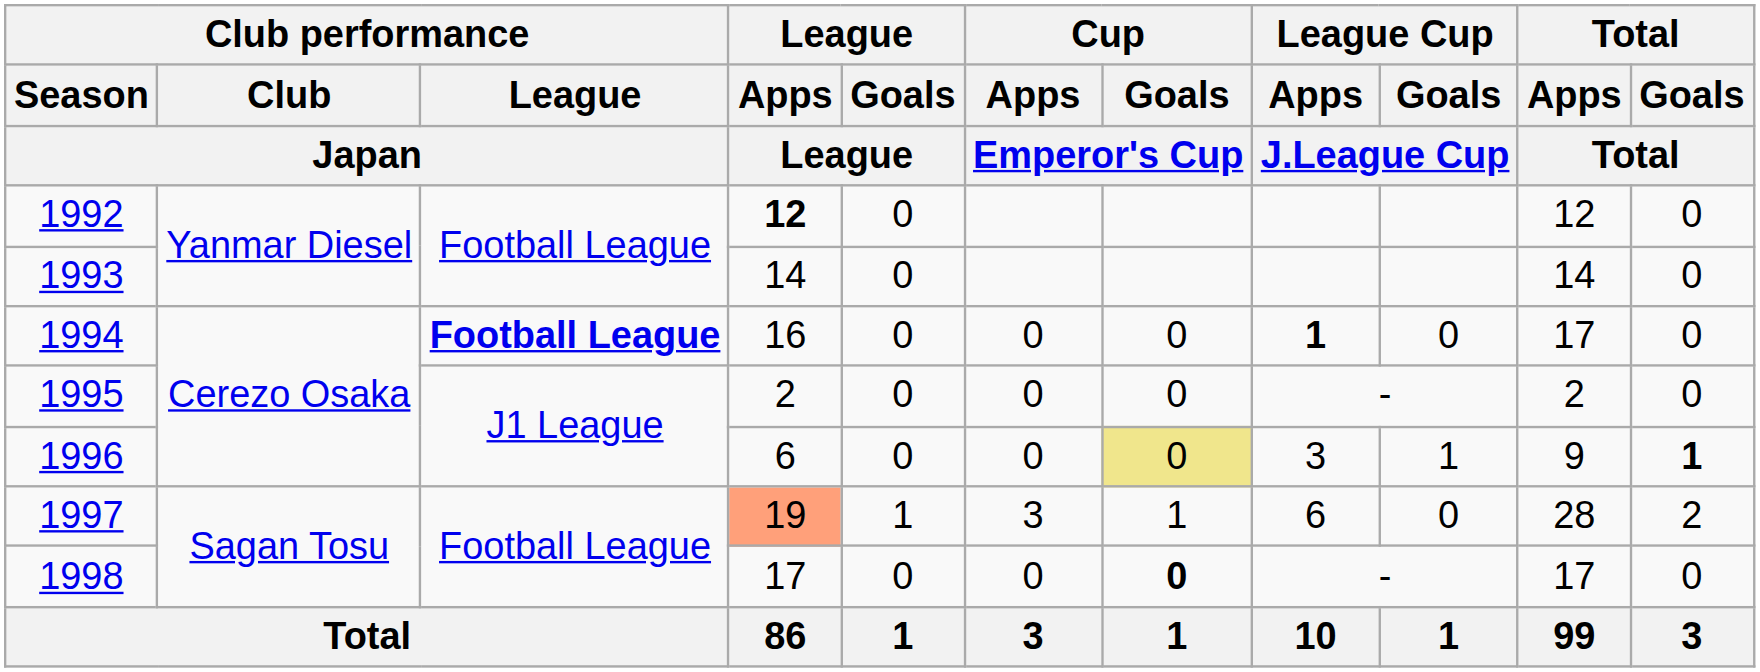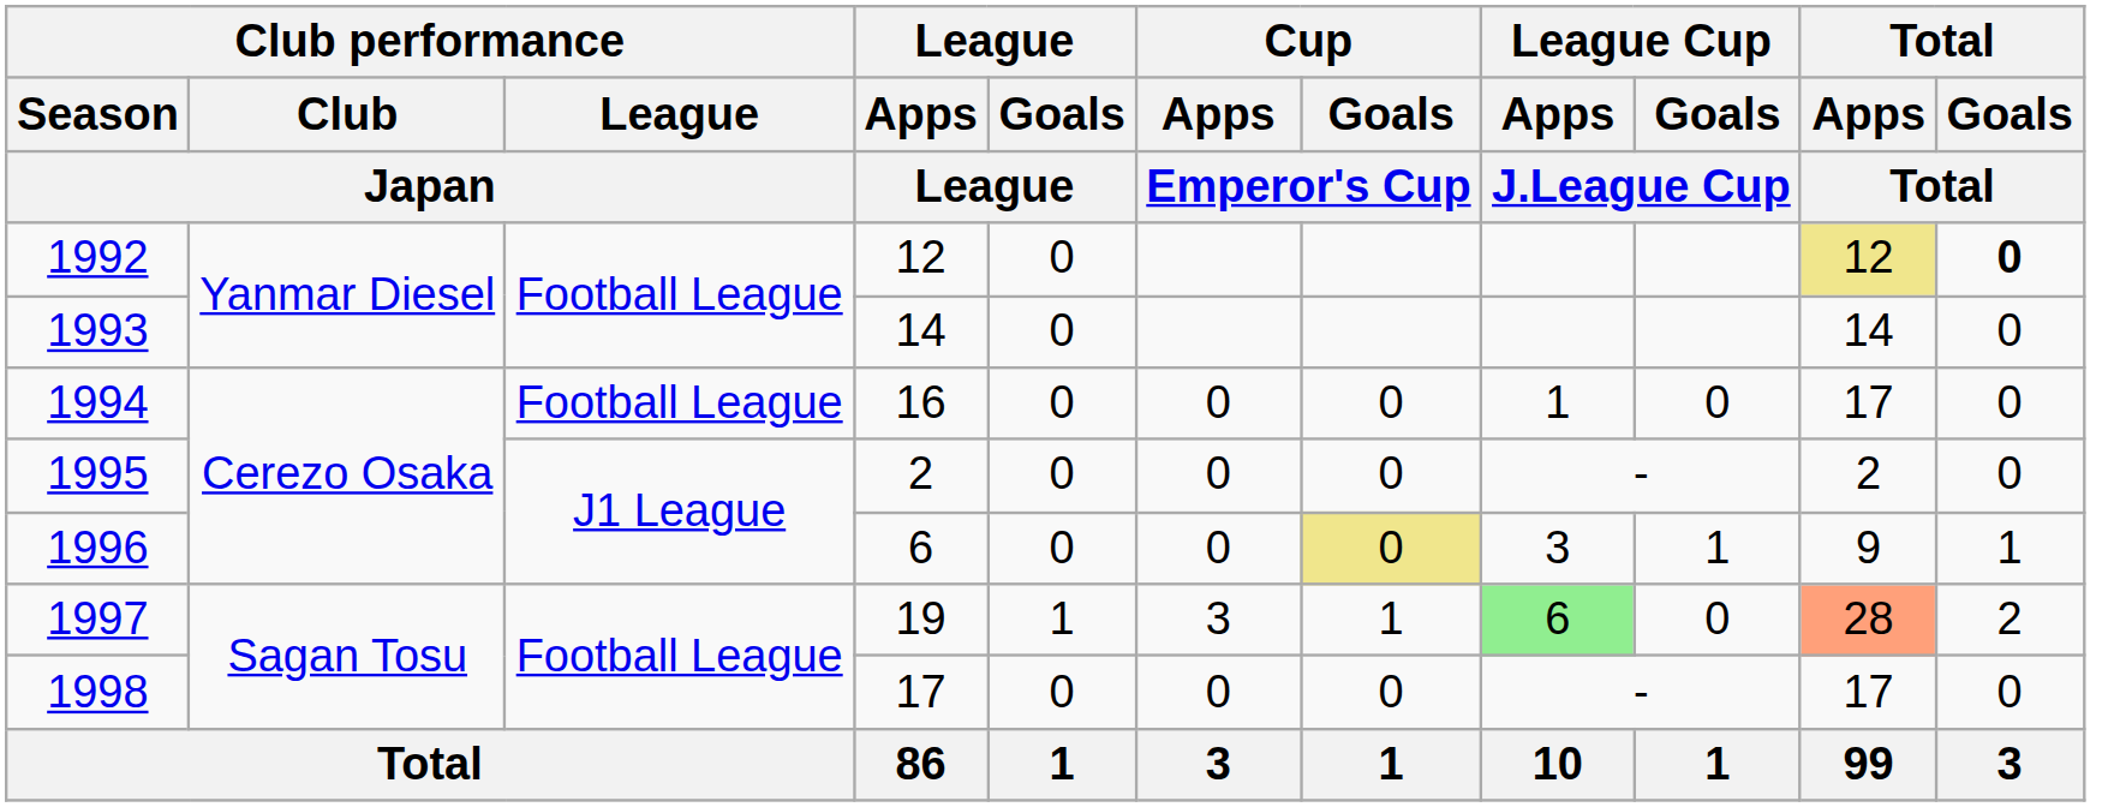 <table class="wikitable" style="text-align:center;">
 <tr>
 <th colspan=3>Club performance</th>
 <th colspan=2>League</th>
 <th colspan=2>Cup</th>
 <th colspan=2>League Cup</th>
 <th colspan=2>Total</th>
 </tr>
 <tr>
 <th>Season</th>
 <th>Club</th>
 <th>League</th>
 <th>Apps</th>
 <th>Goals</th>
 <th>Apps</th>
 <th>Goals</th>
 <th>Apps</th>
 <th>Goals</th>
 <th>Apps</th>
 <th>Goals</th>
 </tr>
 <tr>
 <th colspan=3>Japan</th>
 <th colspan=2>League</th>
 <th colspan=2><a href='#'>Emperor's Cup</a></th>
 <th colspan=2><a href='#'>J.League Cup</a></th>
 <th colspan=2>Total</th>
 </tr>
 <tr>
 <td><a href='#'>1992</a></td>
 <td rowspan="2"><a href='#'>Yanmar Diesel</a></td>
 <td rowspan="2"><a href='#'>Football League</a></td>
-<td><strong>12</strong></td>
+<td>12</td>
 <td>0</td>
 <td></td>
 <td></td>
 <td></td>
 <td></td>
-<td>12</td>
-<td>0</td>
+<td style="background: khaki;">12</td>
+<td><strong>0</strong></td>
 </tr>
 <tr>
 <td><a href='#'>1993</a></td>
 <td>14</td>
 <td>0</td>
 <td></td>
 <td></td>
 <td></td>
 <td></td>
 <td>14</td>
 <td>0</td>
 </tr>
 <tr>
 <td><a href='#'>1994</a></td>
 <td rowspan="3"><a href='#'>Cerezo Osaka</a></td>
-<td><strong><a href='#'>Football League</a></strong></td>
+<td><a href='#'>Football League</a></td>
 <td>16</td>
 <td>0</td>
 <td>0</td>
 <td>0</td>
-<td><strong>1</strong></td>
+<td>1</td>
 <td>0</td>
 <td>17</td>
 <td>0</td>
 </tr>
 <tr>
 <td><a href='#'>1995</a></td>
 <td rowspan="2"><a href='#'>J1 League</a></td>
 <td>2</td>
 <td>0</td>
 <td>0</td>
 <td>0</td>
 <td colspan="2">-</td>
 <td>2</td>
 <td>0</td>
 </tr>
 <tr>
 <td><a href='#'>1996</a></td>
 <td>6</td>
 <td>0</td>
 <td>0</td>
 <td style="background: khaki;">0</td>
 <td>3</td>
 <td>1</td>
 <td>9</td>
-<td><strong>1</strong></td>
+<td>1</td>
 </tr>
 <tr>
 <td><a href='#'>1997</a></td>
 <td rowspan="2"><a href='#'>Sagan Tosu</a></td>
 <td rowspan="2"><a href='#'>Football League</a></td>
-<td style="background: lightsalmon;">19</td>
+<td>19</td>
 <td>1</td>
 <td>3</td>
 <td>1</td>
-<td>6</td>
+<td style="background: lightgreen;">6</td>
 <td>0</td>
-<td>28</td>
+<td style="background: lightsalmon;">28</td>
 <td>2</td>
 </tr>
 <tr>
 <td><a href='#'>1998</a></td>
 <td>17</td>
 <td>0</td>
 <td>0</td>
-<td><strong>0</strong></td>
+<td>0</td>
 <td colspan="2">-</td>
 <td>17</td>
 <td>0</td>
 </tr>
 <tr>
 <th colspan=3>Total</th>
 <th>86</th>
 <th>1</th>
 <th>3</th>
 <th>1</th>
 <th>10</th>
 <th>1</th>
 <th>99</th>
 <th>3</th>
 </tr>
 </table>
